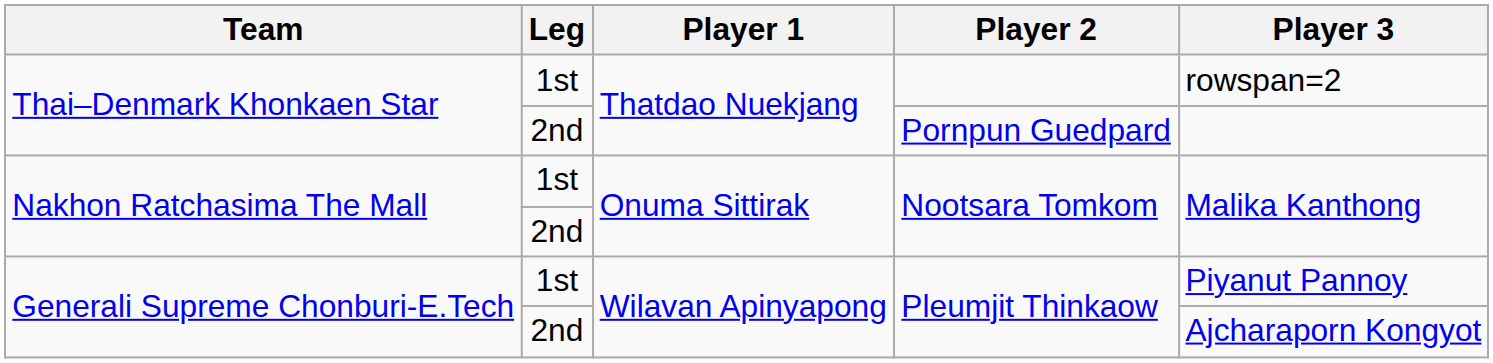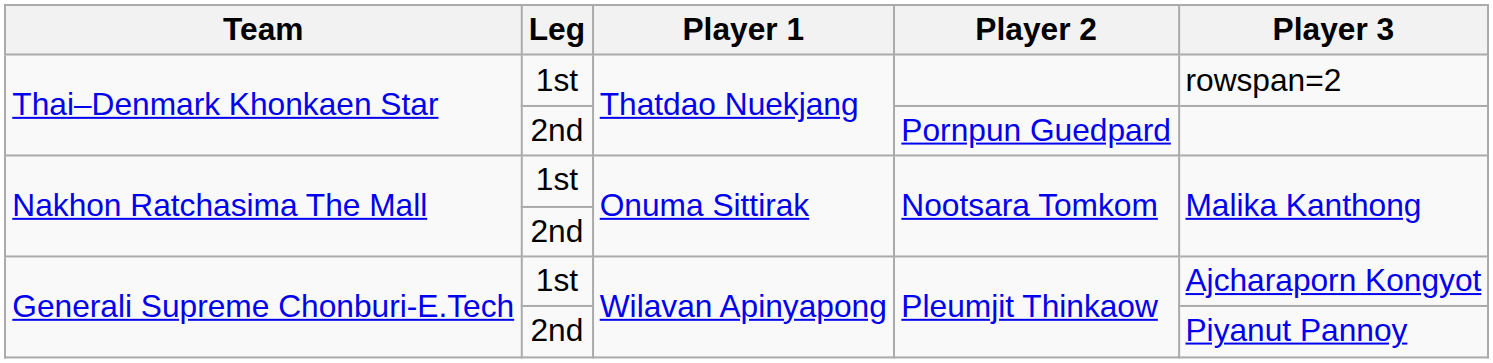 <table class="wikitable sortable">
 <tr>
 <th>Team</th>
 <th>Leg</th>
 <th>Player 1</th>
 <th>Player 2</th>
 <th>Player 3</th>
 </tr>
 <tr>
 <td rowspan=2><a href='#'>Thai–Denmark Khonkaen Star</a></td>
 <td align="center">1st</td>
 <td rowspan=2><a href='#'>Thatdao Nuekjang</a></td>
 <td></td>
 <td>rowspan=2 </td>
 </tr>
 <tr>
 <td align="center">2nd</td>
 <td><a href='#'>Pornpun Guedpard</a> </td>
 </tr>
 <tr>
 <td rowspan=2><a href='#'>Nakhon Ratchasima The Mall</a></td>
 <td align="center">1st</td>
 <td rowspan=2><a href='#'>Onuma Sittirak</a></td>
 <td rowspan=2><a href='#'>Nootsara Tomkom</a></td>
 <td rowspan=2><a href='#'>Malika Kanthong</a></td>
 </tr>
 <tr>
 <td align="center">2nd</td>
 </tr>
 <tr>
 <td rowspan=2><a href='#'>Generali Supreme Chonburi-E.Tech</a></td>
 <td align="center">1st</td>
 <td rowspan=2><a href='#'>Wilavan Apinyapong</a></td>
 <td rowspan=2><a href='#'>Pleumjit Thinkaow</a></td>
-<td><a href='#'>Piyanut Pannoy</a> </td>
+<td><a href='#'>Ajcharaporn Kongyot</a> </td>
 </tr>
 <tr>
 <td align="center">2nd</td>
-<td><a href='#'>Ajcharaporn Kongyot</a> </td>
+<td><a href='#'>Piyanut Pannoy</a> </td>
 </tr>
 </table>
